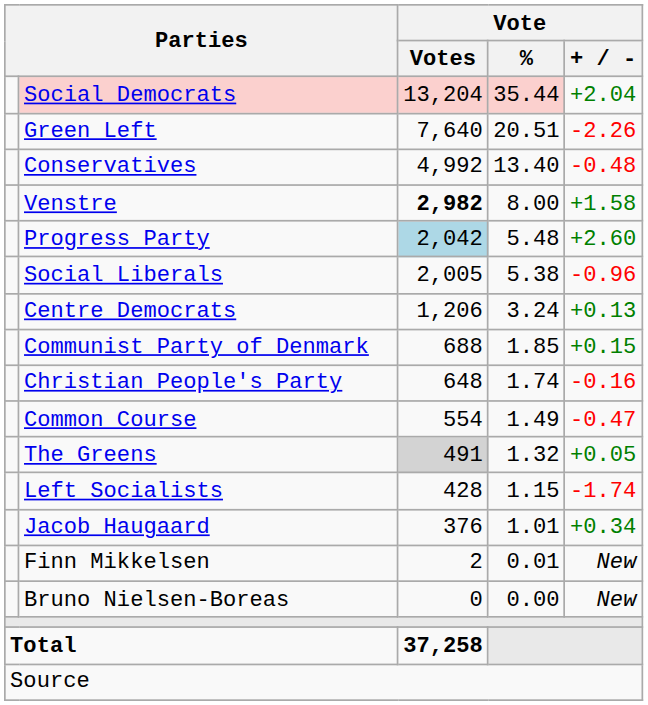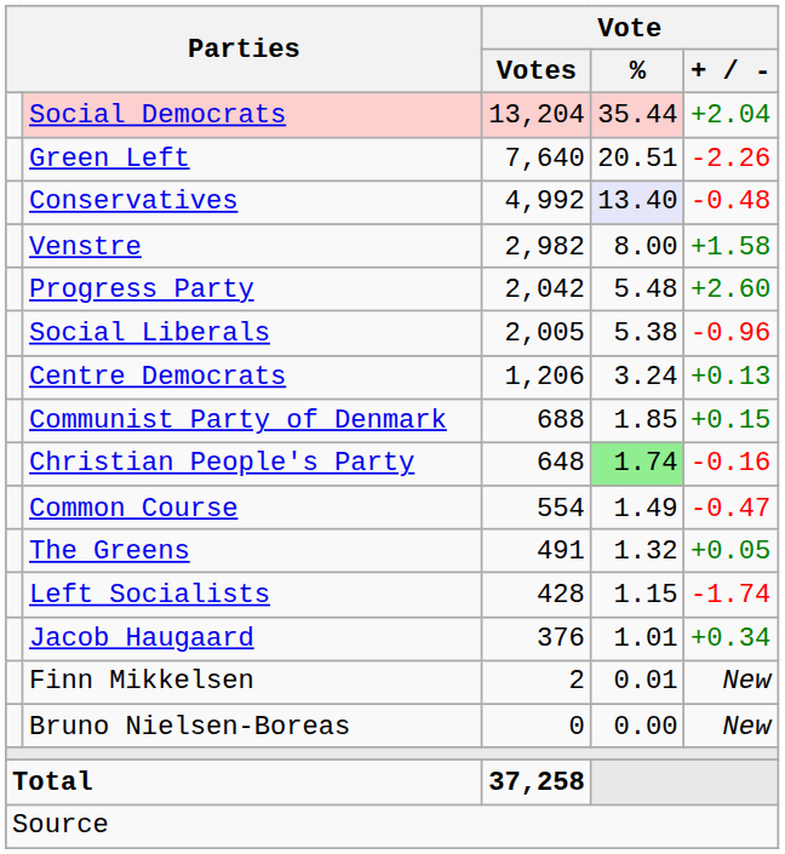 <table class="wikitable" style="text-align:right;">
 <tr>
 <th style="text-align:centre;" rowspan="2" colspan="2" width="225">Parties</th>
 <th colspan="3">Vote</th>
 </tr>
 <tr>
 <th width="15">Votes</th>
 <th width="15">%</th>
 <th width="15">+ / -</th>
 </tr>
 <tr>
 <td width="2" style="color:inherit;background:"></td>
 <td bgcolor=#fbd0ce  align="left"><a href='#'>Social Democrats</a></td>
 <td bgcolor=#fbd0ce>13,204</td>
 <td bgcolor=#fbd0ce>35.44</td>
 <td style=color:green;>+2.04</td>
 </tr>
 <tr>
 <td width="2" style="color:inherit;background:"></td>
 <td align="left"><a href='#'>Green Left</a></td>
 <td>7,640</td>
 <td>20.51</td>
 <td style=color:red;>-2.26</td>
 </tr>
 <tr>
 <td width="2" style="color:inherit;background:"></td>
 <td align="left"><a href='#'>Conservatives</a></td>
 <td>4,992</td>
-<td>13.40</td>
+<td style="background: lavender;">13.40</td>
 <td style=color:red;>-0.48</td>
 </tr>
 <tr>
 <td width="2" style="color:inherit;background:"></td>
 <td align="left"><a href='#'>Venstre</a></td>
-<td><strong>2,982</strong></td>
+<td>2,982</td>
 <td>8.00</td>
 <td style=color:green;>+1.58</td>
 </tr>
 <tr>
 <td width="2" style="color:inherit;background:"></td>
 <td align="left"><a href='#'>Progress Party</a></td>
-<td style="background: lightblue;">2,042</td>
+<td>2,042</td>
 <td>5.48</td>
 <td style=color:green;>+2.60</td>
 </tr>
 <tr>
 <td width="2" style="color:inherit;background:"></td>
 <td align="left"><a href='#'>Social Liberals</a></td>
 <td>2,005</td>
 <td>5.38</td>
 <td style=color:red;>-0.96</td>
 </tr>
 <tr>
 <td width="2" style="color:inherit;background:"></td>
 <td align="left"><a href='#'>Centre Democrats</a></td>
 <td>1,206</td>
 <td>3.24</td>
 <td style=color:green;>+0.13</td>
 </tr>
 <tr>
 <td width="2" style="color:inherit;background:"></td>
 <td align="left"><a href='#'>Communist Party of Denmark</a></td>
 <td>688</td>
 <td>1.85</td>
 <td style=color:green;>+0.15</td>
 </tr>
 <tr>
 <td width="2" style="color:inherit;background:"></td>
 <td align="left"><a href='#'>Christian People's Party</a></td>
 <td>648</td>
-<td>1.74</td>
+<td style="background: lightgreen;">1.74</td>
 <td style=color:red;>-0.16</td>
 </tr>
 <tr>
 <td width="2" style="color:inherit;background:"></td>
 <td align="left"><a href='#'>Common Course</a></td>
 <td>554</td>
 <td>1.49</td>
 <td style=color:red;>-0.47</td>
 </tr>
 <tr>
 <td width="2" style="color:inherit;background:"></td>
 <td align="left"><a href='#'>The Greens</a></td>
-<td style="background: lightgrey;">491</td>
+<td>491</td>
 <td>1.32</td>
 <td style=color:green;>+0.05</td>
 </tr>
 <tr>
 <td width="2" style="color:inherit;background:"></td>
 <td align="left"><a href='#'>Left Socialists</a></td>
 <td>428</td>
 <td>1.15</td>
 <td style=color:red;>-1.74</td>
 </tr>
 <tr>
 <td width="2" style="color:inherit;background:"></td>
 <td align="left"><a href='#'>Jacob Haugaard</a></td>
 <td>376</td>
 <td>1.01</td>
 <td style=color:green;>+0.34</td>
 </tr>
 <tr>
 <td width="2" style="color:inherit;background:"></td>
 <td align="left">Finn Mikkelsen</td>
 <td>2</td>
 <td>0.01</td>
 <td><em>New</em></td>
 </tr>
 <tr>
 <td width="2" style="color:inherit;background:"></td>
 <td align="left">Bruno Nielsen-Boreas</td>
 <td>0</td>
 <td>0.00</td>
 <td><em>New</em></td>
 </tr>
 <tr>
 <td colspan="7" bgcolor="#E9E9E9"></td>
 </tr>
 <tr>
 <td align="left" colspan="2"><strong>Total</strong></td>
 <td><strong>37,258</strong></td>
 <td bgcolor="#E9E9E9" colspan="2"></td>
 </tr>
 <tr>
 <td align="left" colspan="6">Source</td>
 </tr>
 </table>
